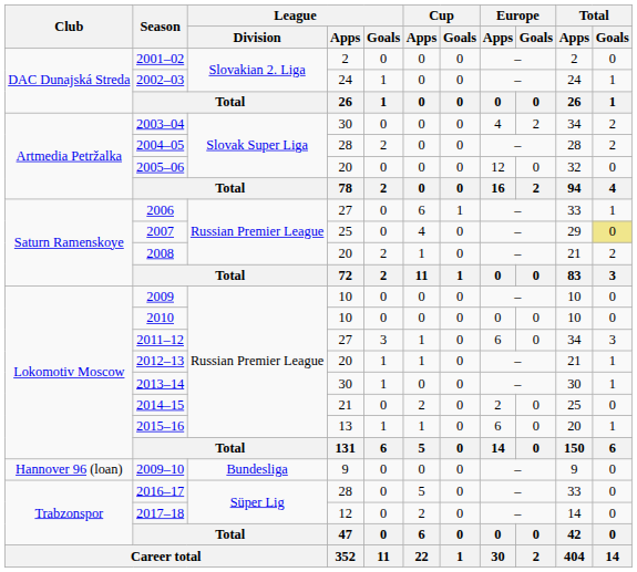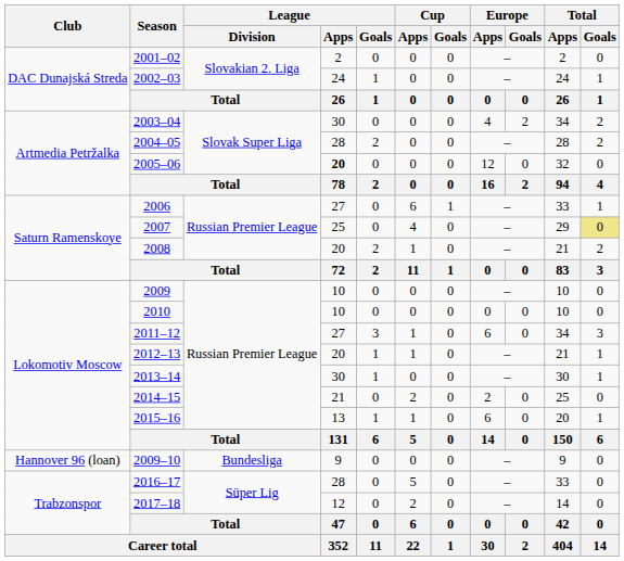 <table class="wikitable" style="text-align:center">
 <tr>
 <th rowspan="2">Club</th>
 <th rowspan="2">Season</th>
 <th colspan="3">League</th>
 <th colspan="2">Cup</th>
 <th colspan="2">Europe</th>
 <th colspan="2">Total</th>
 </tr>
 <tr>
 <th>Division</th>
 <th>Apps</th>
 <th>Goals</th>
 <th>Apps</th>
 <th>Goals</th>
 <th>Apps</th>
 <th>Goals</th>
 <th>Apps</th>
 <th>Goals</th>
 </tr>
 <tr>
 <td rowspan="3"><a href='#'>DAC Dunajská Streda</a></td>
 <td><a href='#'>2001–02</a></td>
 <td rowspan="2"><a href='#'>Slovakian 2. Liga</a></td>
 <td>2</td>
 <td>0</td>
 <td>0</td>
 <td>0</td>
 <td colspan="2">–</td>
 <td>2</td>
 <td>0</td>
 </tr>
 <tr>
 <td><a href='#'>2002–03</a></td>
 <td>24</td>
 <td>1</td>
 <td>0</td>
 <td>0</td>
 <td colspan="2">–</td>
 <td>24</td>
 <td>1</td>
 </tr>
 <tr>
 <th colspan="2">Total</th>
 <th>26</th>
 <th>1</th>
 <th>0</th>
 <th>0</th>
 <th>0</th>
 <th>0</th>
 <th>26</th>
 <th>1</th>
 </tr>
 <tr>
 <td rowspan="4"><a href='#'>Artmedia Petržalka</a></td>
 <td><a href='#'>2003–04</a></td>
 <td rowspan="3"><a href='#'>Slovak Super Liga</a></td>
 <td>30</td>
 <td>0</td>
 <td>0</td>
 <td>0</td>
 <td>4</td>
 <td>2</td>
 <td>34</td>
 <td>2</td>
 </tr>
 <tr>
 <td><a href='#'>2004–05</a></td>
 <td>28</td>
 <td>2</td>
 <td>0</td>
 <td>0</td>
 <td colspan="2">–</td>
 <td>28</td>
 <td>2</td>
 </tr>
 <tr>
 <td><a href='#'>2005–06</a></td>
-<td>20</td>
+<td><strong>20</strong></td>
 <td>0</td>
 <td>0</td>
 <td>0</td>
 <td>12</td>
 <td>0</td>
 <td>32</td>
 <td>0</td>
 </tr>
 <tr>
 <th colspan="2">Total</th>
 <th>78</th>
 <th>2</th>
 <th>0</th>
 <th>0</th>
 <th>16</th>
 <th>2</th>
 <th>94</th>
 <th>4</th>
 </tr>
 <tr>
 <td rowspan="4"><a href='#'>Saturn Ramenskoye</a></td>
 <td><a href='#'>2006</a></td>
 <td rowspan="3"><a href='#'>Russian Premier League</a></td>
 <td>27</td>
 <td>0</td>
 <td>6</td>
 <td>1</td>
 <td colspan="2">–</td>
 <td>33</td>
 <td>1</td>
 </tr>
 <tr>
 <td><a href='#'>2007</a></td>
 <td>25</td>
 <td>0</td>
 <td>4</td>
 <td>0</td>
 <td colspan="2">–</td>
 <td>29</td>
 <td style="background: khaki;">0</td>
 </tr>
 <tr>
 <td><a href='#'>2008</a></td>
 <td>20</td>
 <td>2</td>
 <td>1</td>
 <td>0</td>
 <td colspan="2">–</td>
 <td>21</td>
 <td>2</td>
 </tr>
 <tr>
 <th colspan="2">Total</th>
 <th>72</th>
 <th>2</th>
 <th>11</th>
 <th>1</th>
 <th>0</th>
 <th>0</th>
 <th>83</th>
 <th>3</th>
 </tr>
 <tr>
 <td rowspan="8"><a href='#'>Lokomotiv Moscow</a></td>
 <td><a href='#'>2009</a></td>
 <td rowspan="7">Russian Premier League</td>
 <td>10</td>
 <td>0</td>
 <td>0</td>
 <td>0</td>
 <td colspan="2">–</td>
 <td>10</td>
 <td>0</td>
 </tr>
 <tr>
 <td><a href='#'>2010</a></td>
 <td>10</td>
 <td>0</td>
 <td>0</td>
 <td>0</td>
 <td>0</td>
 <td>0</td>
 <td>10</td>
 <td>0</td>
 </tr>
 <tr>
 <td><a href='#'>2011–12</a></td>
 <td>27</td>
 <td>3</td>
 <td>1</td>
 <td>0</td>
 <td>6</td>
 <td>0</td>
 <td>34</td>
 <td>3</td>
 </tr>
 <tr>
 <td><a href='#'>2012–13</a></td>
 <td>20</td>
 <td>1</td>
 <td>1</td>
 <td>0</td>
 <td colspan="2">–</td>
 <td>21</td>
 <td>1</td>
 </tr>
 <tr>
 <td><a href='#'>2013–14</a></td>
 <td>30</td>
 <td>1</td>
 <td>0</td>
 <td>0</td>
 <td colspan="2">–</td>
 <td>30</td>
 <td>1</td>
 </tr>
 <tr>
 <td><a href='#'>2014–15</a></td>
 <td>21</td>
 <td>0</td>
 <td>2</td>
 <td>0</td>
 <td>2</td>
 <td>0</td>
 <td>25</td>
 <td>0</td>
 </tr>
 <tr>
 <td><a href='#'>2015–16</a></td>
 <td>13</td>
 <td>1</td>
 <td>1</td>
 <td>0</td>
 <td>6</td>
 <td>0</td>
 <td>20</td>
 <td>1</td>
 </tr>
 <tr>
 <th colspan="2">Total</th>
 <th>131</th>
 <th>6</th>
 <th>5</th>
 <th>0</th>
 <th>14</th>
 <th>0</th>
 <th>150</th>
 <th>6</th>
 </tr>
 <tr>
 <td><a href='#'>Hannover 96</a> (loan)</td>
 <td><a href='#'>2009–10</a></td>
 <td><a href='#'>Bundesliga</a></td>
 <td>9</td>
 <td>0</td>
 <td>0</td>
 <td>0</td>
 <td colspan="2">–</td>
 <td>9</td>
 <td>0</td>
 </tr>
 <tr>
 <td rowspan="3"><a href='#'>Trabzonspor</a></td>
 <td><a href='#'>2016–17</a></td>
 <td rowspan="2"><a href='#'>Süper Lig</a></td>
 <td>28</td>
 <td>0</td>
 <td>5</td>
 <td>0</td>
 <td colspan="2">–</td>
 <td>33</td>
 <td>0</td>
 </tr>
 <tr>
 <td><a href='#'>2017–18</a></td>
 <td>12</td>
 <td>0</td>
 <td>2</td>
 <td>0</td>
 <td colspan="2">–</td>
 <td>14</td>
 <td>0</td>
 </tr>
 <tr>
 <th colspan="2">Total</th>
 <th>47</th>
 <th>0</th>
 <th>6</th>
 <th>0</th>
 <th>0</th>
 <th>0</th>
 <th>42</th>
 <th>0</th>
 </tr>
 <tr>
 <th colspan="3">Career total</th>
 <th>352</th>
 <th>11</th>
 <th>22</th>
 <th>1</th>
 <th>30</th>
 <th>2</th>
 <th>404</th>
 <th>14</th>
 </tr>
 </table>
